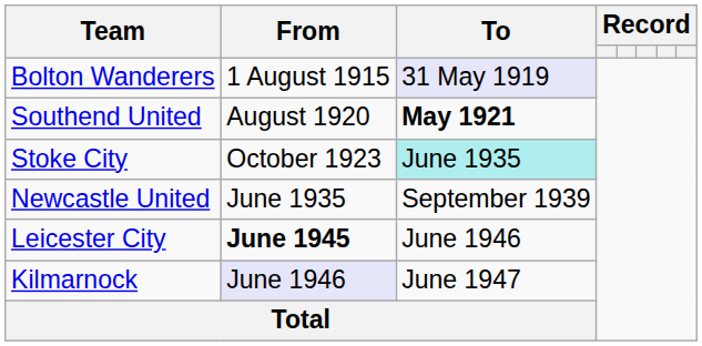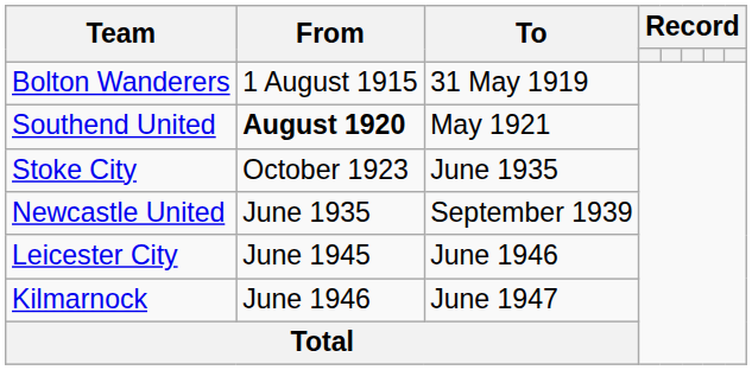 <table class=wikitable style="text-align: center">
 <tr>
 <th rowspan=2>Team</th>
 <th rowspan=2>From</th>
 <th rowspan=2>To</th>
 <th colspan=5>Record</th>
 </tr>
 <tr>
 <th></th>
 <th></th>
 <th></th>
 <th></th>
 <th></th>
 </tr>
 <tr>
 <td align=left><a href='#'>Bolton Wanderers</a></td>
 <td align=left>1 August 1915</td>
-<td align=left style="background: lavender;">31 May 1919<br></td>
+<td align=left>31 May 1919<br></td>
 </tr>
 <tr>
 <td align=left><a href='#'>Southend United</a></td>
-<td align=left>August 1920</td>
-<td align=left><strong>May 1921<br></strong></td>
+<td align=left><strong>August 1920</strong></td>
+<td align=left>May 1921<br></td>
 </tr>
 <tr>
 <td align=left><a href='#'>Stoke City</a></td>
 <td align=left>October 1923</td>
-<td align=left style="background: paleturquoise;">June 1935<br></td>
+<td align=left>June 1935<br></td>
 </tr>
 <tr>
 <td align=left><a href='#'>Newcastle United</a></td>
 <td align=left>June 1935</td>
 <td align=left>September 1939<br></td>
 </tr>
 <tr>
 <td align=left><a href='#'>Leicester City</a></td>
-<td align=left><strong>June 1945</strong></td>
+<td align=left>June 1945</td>
 <td align=left>June 1946<br></td>
 </tr>
 <tr>
 <td align=left><a href='#'>Kilmarnock</a></td>
-<td align=left style="background: lavender;">June 1946</td>
+<td align=left>June 1946</td>
 <td align=left>June 1947<br></td>
 </tr>
 <tr>
 <th colspan=3>Total<br></th>
 </tr>
 </table>
